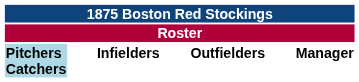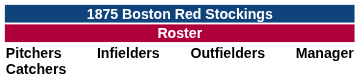 <table class="toccolours" style="font-size: 95%;">
 <tr>
 <th colspan="10" style="background-color: #0f437c; color: #FFFFFF; text-align: center;">1875 Boston Red Stockings</th>
 </tr>
 <tr>
 <td colspan="10" style="background-color:#af0039; color: white; text-align: center;"><strong>Roster</strong></td>
 </tr>
 <tr>
-<td valign="top" style="background: lightblue;"><strong>Pitchers</strong><br>  <strong>Catchers</strong> </td>
+<td valign="top"><strong>Pitchers</strong><br>  <strong>Catchers</strong> </td>
 <td width="25px"></td>
 <td valign="top"><strong>Infielders</strong><br>     </td>
 <td width="25px"></td>
 <td valign="top"><strong>Outfielders</strong><br>    </td>
 <td width="25px"></td>
 <td valign="top"><strong>Manager</strong><br></td>
 </tr>
 </table>
